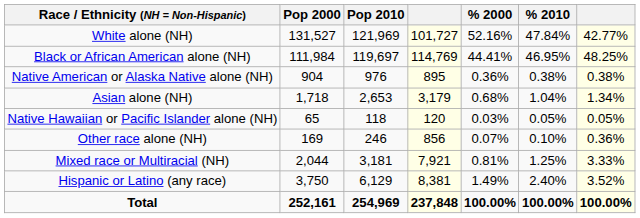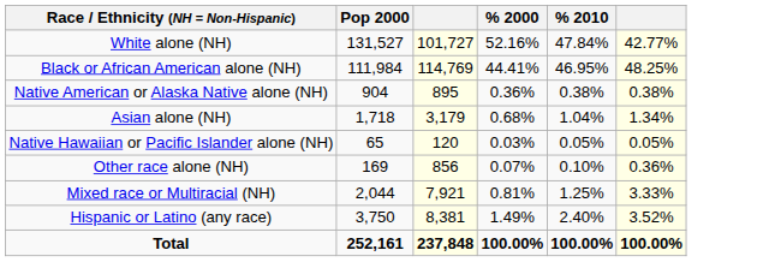 <table class="wikitable" style="text-align:center;">
 <tr>
 <th>Race / Ethnicity <small>(<em>NH = Non-Hispanic</em>)</small></th>
 <th>Pop 2000</th>
-<th>Pop 2010</th>
 <th></th>
 <th>% 2000</th>
 <th>% 2010</th>
 <th></th>
 </tr>
 <tr>
 <td><a href='#'>White</a> alone (NH)</td>
 <td>131,527</td>
-<td>121,969</td>
 <td style='background: #ffffe6;'>101,727</td>
 <td>52.16%</td>
 <td>47.84%</td>
 <td style='background: #ffffe6;'>42.77%</td>
 </tr>
 <tr>
 <td><a href='#'>Black or African American</a> alone (NH)</td>
 <td>111,984</td>
-<td>119,697</td>
 <td style='background: #ffffe6;'>114,769</td>
 <td>44.41%</td>
 <td>46.95%</td>
 <td style='background: #ffffe6;'>48.25%</td>
 </tr>
 <tr>
 <td><a href='#'>Native American</a> or <a href='#'>Alaska Native</a> alone (NH)</td>
 <td>904</td>
-<td>976</td>
 <td style='background: #ffffe6;'>895</td>
 <td>0.36%</td>
 <td>0.38%</td>
 <td style='background: #ffffe6;'>0.38%</td>
 </tr>
 <tr>
 <td><a href='#'>Asian</a> alone (NH)</td>
 <td>1,718</td>
-<td>2,653</td>
 <td style='background: #ffffe6;'>3,179</td>
 <td>0.68%</td>
 <td>1.04%</td>
 <td style='background: #ffffe6;'>1.34%</td>
 </tr>
 <tr>
 <td><a href='#'>Native Hawaiian</a> or <a href='#'>Pacific Islander</a> alone (NH)</td>
 <td>65</td>
-<td>118</td>
 <td style='background: #ffffe6;'>120</td>
 <td>0.03%</td>
 <td>0.05%</td>
 <td style='background: #ffffe6;'>0.05%</td>
 </tr>
 <tr>
 <td><a href='#'>Other race</a> alone (NH)</td>
 <td>169</td>
-<td>246</td>
 <td style='background: #ffffe6;'>856</td>
 <td>0.07%</td>
 <td>0.10%</td>
 <td style='background: #ffffe6;'>0.36%</td>
 </tr>
 <tr>
 <td><a href='#'>Mixed race or Multiracial</a> (NH)</td>
 <td>2,044</td>
-<td>3,181</td>
 <td style='background: #ffffe6;'>7,921</td>
 <td>0.81%</td>
 <td>1.25%</td>
 <td style='background: #ffffe6;'>3.33%</td>
 </tr>
 <tr>
 <td><a href='#'>Hispanic or Latino</a> (any race)</td>
 <td>3,750</td>
-<td>6,129</td>
 <td style='background: #ffffe6;'>8,381</td>
 <td>1.49%</td>
 <td>2.40%</td>
 <td style='background: #ffffe6;'>3.52%</td>
 </tr>
 <tr>
 <td><strong>Total</strong></td>
 <td><strong>252,161</strong></td>
-<td><strong>254,969</strong></td>
 <td style='background: #ffffe6;'><strong>237,848</strong></td>
 <td><strong>100.00%</strong></td>
 <td><strong>100.00%</strong></td>
 <td style='background: #ffffe6;'><strong>100.00%</strong></td>
 </tr>
 </table>
